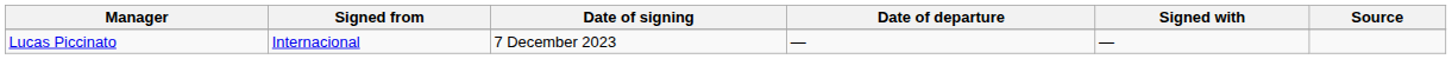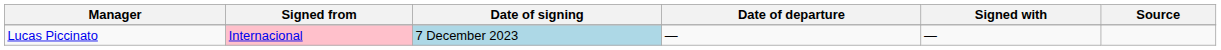 <table class="wikitable sortable" style="width:90%; text-align:center; font-size:95%; text-align:left;">
 <tr>
 <th><strong>Manager </strong></th>
 <th><strong>Signed from</strong></th>
 <th><strong>Date of signing</strong></th>
 <th><strong>Date of departure</strong></th>
 <th><strong>Signed with</strong></th>
 <th><strong>Source</strong></th>
 </tr>
 <tr>
 </tr>
 <tr>
 <td> <a href='#'>Lucas Piccinato</a></td>
-<td> <a href='#'>Internacional</a></td>
-<td>7 December 2023</td>
+<td style="background: pink;"> <a href='#'>Internacional</a></td>
+<td style="background: lightblue;">7 December 2023</td>
 <td>—</td>
 <td>—</td>
 <td></td>
 </tr>
 </table>
